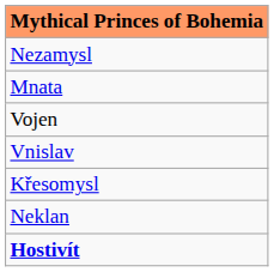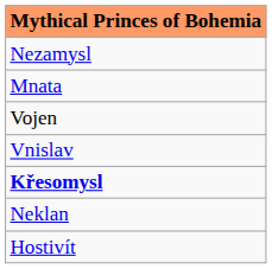 <table class="wikitable">
 <tr>
 <th colspan="2" style="background-color:#ff9966;">Mythical Princes of Bohemia</th>
 </tr>
 <tr>
 <td><a href='#'>Nezamysl</a></td>
 </tr>
 <tr>
 <td><a href='#'>Mnata</a></td>
 </tr>
 <tr>
 <td>Vojen</td>
 </tr>
 <tr>
 <td><a href='#'>Vnislav</a></td>
 </tr>
 <tr>
-<td><a href='#'>Křesomysl</a></td>
+<td><strong><a href='#'>Křesomysl</a></strong></td>
 </tr>
 <tr>
 <td><a href='#'>Neklan</a></td>
 </tr>
 <tr>
-<td><strong><a href='#'>Hostivít</a></strong></td>
+<td><a href='#'>Hostivít</a></td>
 </tr>
 </table>
